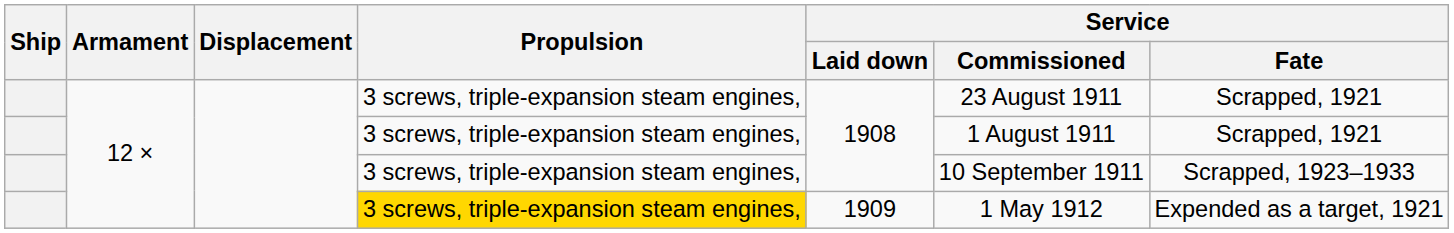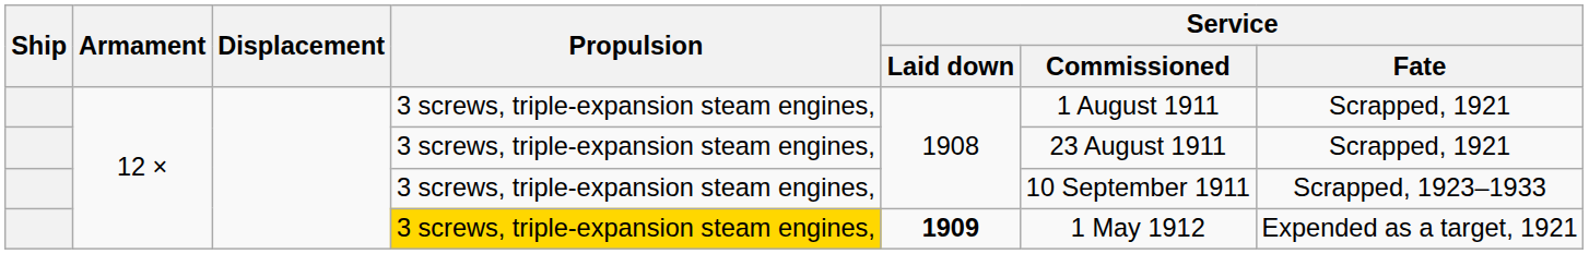 <table class="wikitable plainrowheaders" style="text-align: center;">
 <tr valign="center">
 <th scope="col" rowspan="2">Ship</th>
 <th scope="col" rowspan="2">Armament</th>
 <th scope="col" rowspan="2">Displacement</th>
 <th scope="col" rowspan="2">Propulsion</th>
 <th scope="col" colspan="3">Service</th>
 </tr>
 <tr valign="center">
 <th scope="col">Laid down</th>
 <th scope="col">Commissioned</th>
 <th scope="col">Fate</th>
 </tr>
 <tr valign="center">
 <th scope="row"></th>
 <td rowspan="4">12 × </td>
 <td rowspan="4"></td>
 <td>3 screws, triple-expansion steam engines, </td>
 <td rowspan="3">1908</td>
-<td>23 August 1911</td>
+<td>1 August 1911</td>
 <td>Scrapped, 1921</td>
 </tr>
 <tr valign="center">
 <th scope="row"></th>
 <td>3 screws, triple-expansion steam engines, </td>
-<td>1 August 1911</td>
+<td>23 August 1911</td>
 <td>Scrapped, 1921</td>
 </tr>
 <tr valign="center">
 <th scope="row"></th>
 <td>3 screws, triple-expansion steam engines, </td>
 <td>10 September 1911</td>
 <td>Scrapped, 1923–1933</td>
 </tr>
 <tr valign="center">
 <th scope="row"></th>
 <td style="background: gold;">3 screws, triple-expansion steam engines, </td>
-<td>1909</td>
+<td><strong>1909</strong></td>
 <td>1 May 1912</td>
 <td>Expended as a target, 1921</td>
 </tr>
 </table>
